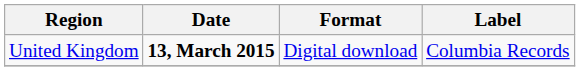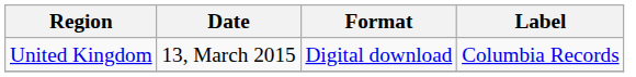 <table class=wikitable>
 <tr>
 <th>Region</th>
 <th>Date</th>
 <th>Format</th>
 <th>Label</th>
 </tr>
 <tr>
 <td><a href='#'>United Kingdom</a></td>
-<td><strong>13, March 2015</strong></td>
+<td>13, March 2015</td>
 <td><a href='#'>Digital download</a></td>
 <td><a href='#'>Columbia Records</a></td>
 </tr>
 <tr>
 </tr>
 </table>
